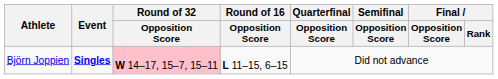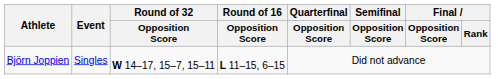 <table class=wikitable style="font-size:90%">
 <tr>
 <th rowspan="2">Athlete</th>
 <th rowspan="2">Event</th>
 <th>Round of 32</th>
 <th>Round of 16</th>
 <th>Quarterfinal</th>
 <th>Semifinal</th>
 <th colspan=2>Final / </th>
 </tr>
 <tr style="font-size:95%">
 <th>Opposition<br>Score</th>
 <th>Opposition<br>Score</th>
 <th>Opposition<br>Score</th>
 <th>Opposition<br>Score</th>
 <th>Opposition<br>Score</th>
 <th>Rank</th>
 </tr>
 <tr align=center>
 <td align=left><a href='#'>Björn Joppien</a></td>
-<td align=left><strong><a href='#'>Singles</a></strong></td>
-<td style="background: pink;"><br><strong>W</strong> 14–17, 15–7, 15–11</td>
+<td align=left><a href='#'>Singles</a></td>
+<td><br><strong>W</strong> 14–17, 15–7, 15–11</td>
 <td><br><strong>L</strong> 11–15, 6–15</td>
 <td colspan=4>Did not advance</td>
 </tr>
 </table>
